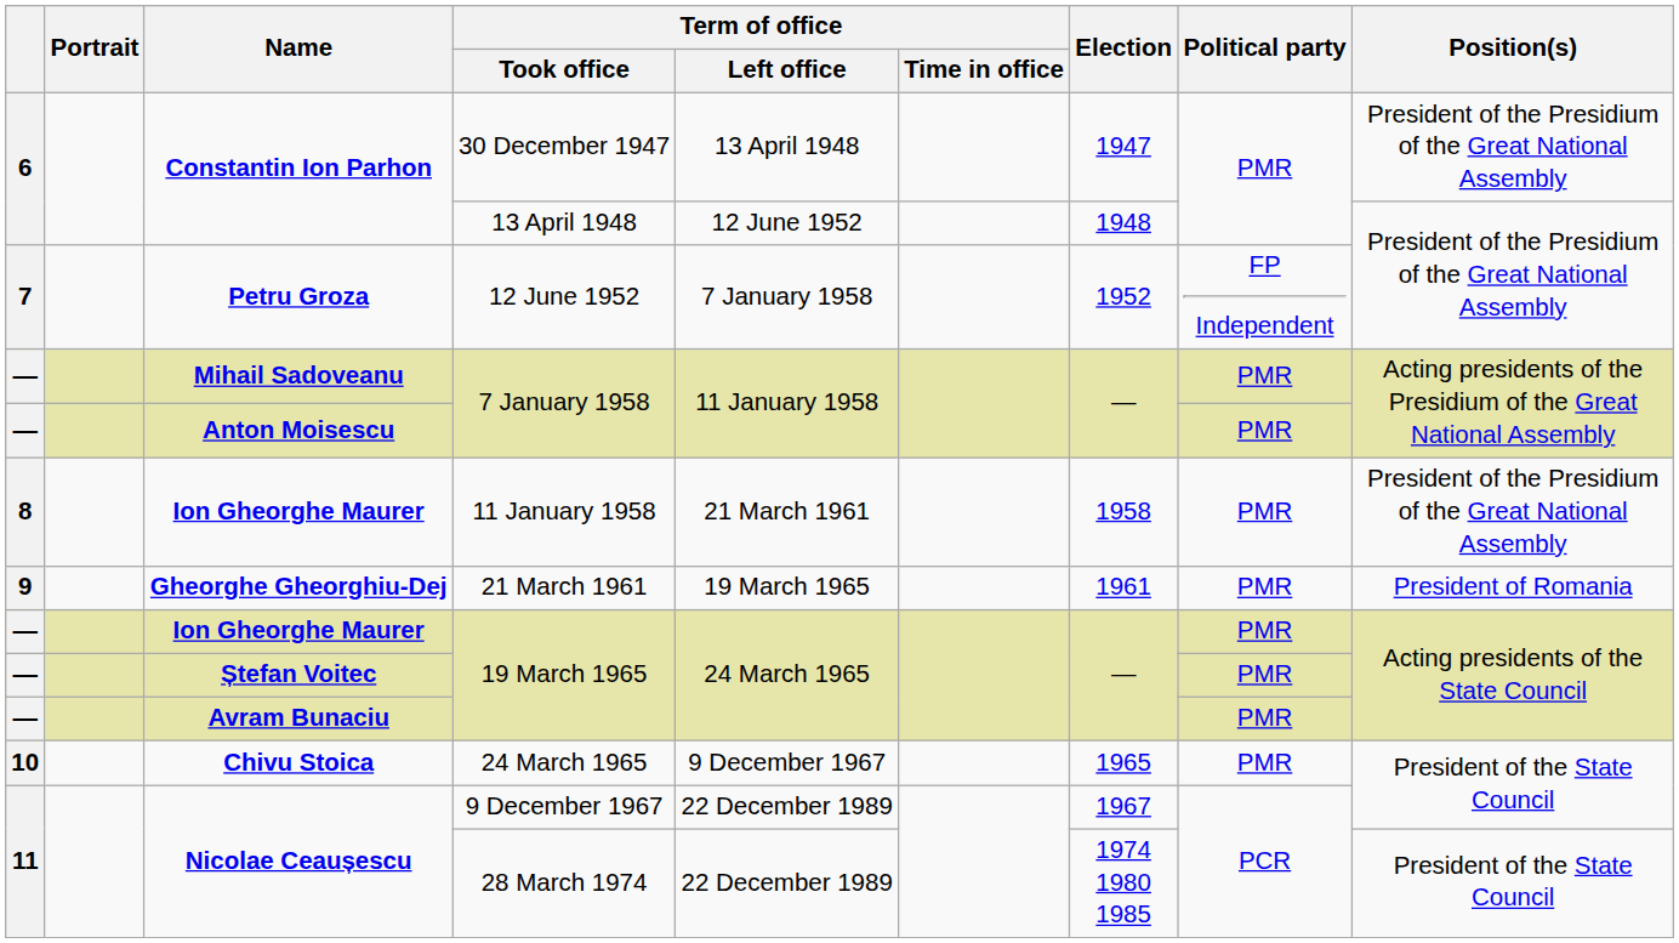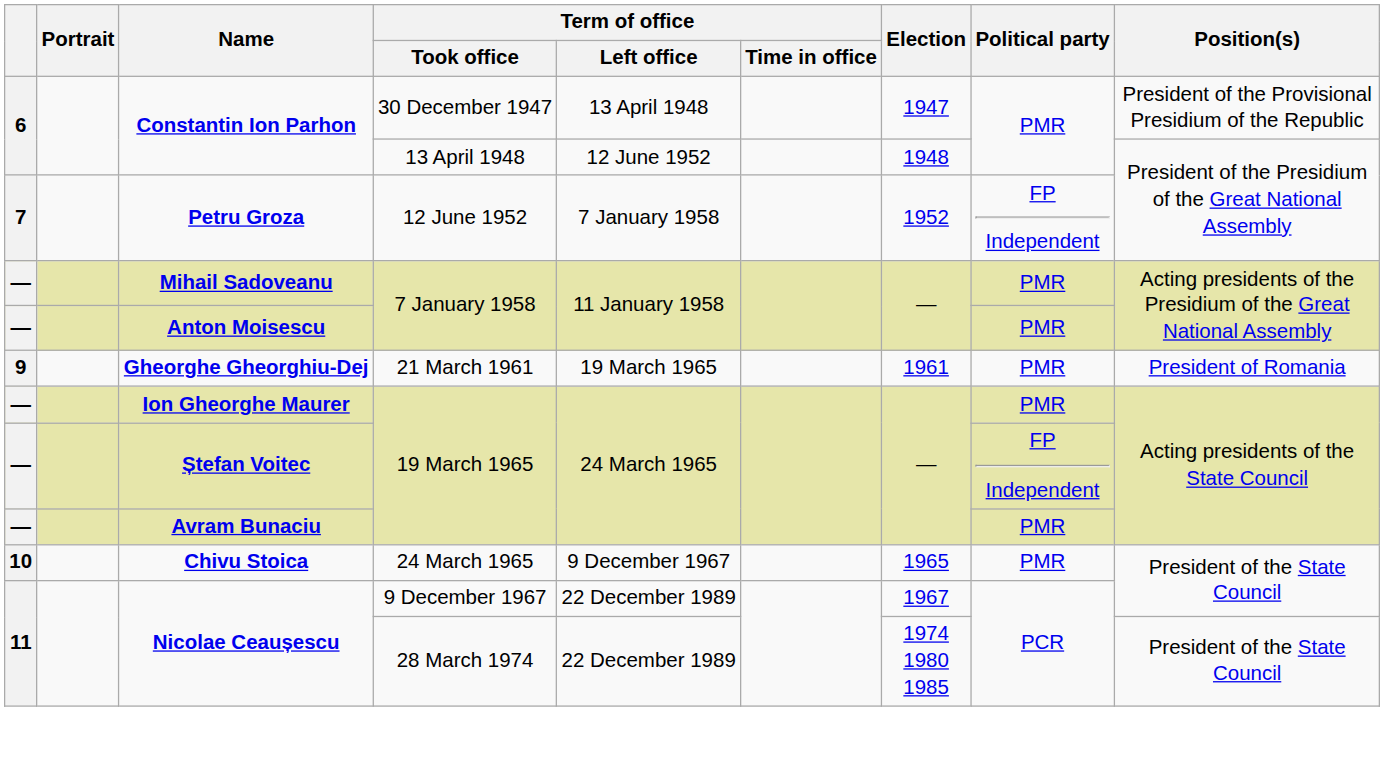 <table class="wikitable" style="text-align:center; line-height:130%;">
 <tr>
 <th rowspan="2"></th>
 <th rowspan="2">Portrait</th>
 <th rowspan="2">Name<br></th>
 <th colspan="3" style="width:10px">Term of office</th>
 <th rowspan="2">Election</th>
 <th rowspan="2">Political party</th>
 <th rowspan="2" style="width:200px">Position(s)</th>
 </tr>
 <tr>
 <th>Took office</th>
 <th>Left office</th>
 <th>Time in office</th>
 </tr>
 <tr>
 <th rowspan=2 style="background:">6</th>
 <td rowspan=2></td>
 <td rowspan=2><strong><a href='#'>Constantin Ion Parhon</a></strong><br></td>
 <td>30 December 1947</td>
 <td>13 April 1948</td>
 <td></td>
 <td><a href='#'>1947</a></td>
 <td rowspan=2><a href='#'>PMR</a></td>
-<td>President of the Presidium of the <a href='#'>Great National Assembly</a></td>
+<td>President of the Provisional Presidium of the Republic</td>
 </tr>
 <tr>
 <td>13 April 1948</td>
 <td>12 June 1952</td>
 <td></td>
 <td><a href='#'>1948</a></td>
 <td rowspan=2>President of the Presidium of the <a href='#'>Great National Assembly</a></td>
 </tr>
 <tr>
 <th style="background:">7</th>
 <td></td>
 <td><strong><a href='#'>Petru Groza</a></strong><br></td>
 <td>12 June 1952</td>
 <td>7 January 1958<br></td>
 <td></td>
 <td><a href='#'>1952</a></td>
 <td><a href='#'>FP</a> <hr><a href='#'>Independent</a> </td>
 </tr>
 <tr style="background:#e6e6aa;">
 <th style="background:">—</th>
 <td></td>
 <td><strong><a href='#'>Mihail Sadoveanu</a></strong><br></td>
 <td rowspan=2>7 January 1958</td>
 <td rowspan=2>11 January 1958</td>
 <td rowspan=2></td>
 <td rowspan=2>—</td>
 <td><a href='#'>PMR</a></td>
 <td rowspan=2>Acting presidents of the Presidium of the <a href='#'>Great National Assembly</a></td>
 </tr>
 <tr style="background:#e6e6aa;">
 <th style="background:">—</th>
 <td></td>
 <td><strong><a href='#'>Anton Moisescu</a></strong><br></td>
 <td><a href='#'>PMR</a></td>
 </tr>
 <tr>
-<th style="background:">8</th>
-<td></td>
-<td><strong><a href='#'>Ion Gheorghe Maurer</a></strong><br></td>
-<td>11 January 1958</td>
-<td>21 March 1961</td>
-<td></td>
-<td><a href='#'>1958</a></td>
-<td><a href='#'>PMR</a></td>
-<td>President of the Presidium of the <a href='#'>Great National Assembly</a></td>
-</tr>
-<tr>
 <th style="background:">9</th>
 <td></td>
 <td><strong><a href='#'>Gheorghe Gheorghiu-Dej</a></strong><br></td>
 <td>21 March 1961</td>
 <td>19 March 1965<br></td>
 <td></td>
 <td><a href='#'>1961</a></td>
 <td><a href='#'>PMR</a></td>
 <td><a href='#'>President of Romania</a></td>
 </tr>
 <tr style="background:#e6e6aa;">
 <th style="background:">—</th>
 <td></td>
 <td><strong><a href='#'>Ion Gheorghe Maurer</a></strong><br></td>
 <td rowspan=3>19 March 1965</td>
 <td rowspan=3>24 March 1965</td>
 <td rowspan=3></td>
 <td rowspan=3>—</td>
 <td><a href='#'>PMR</a></td>
 <td rowspan=3>Acting presidents of the <a href='#'>State Council</a></td>
 </tr>
 <tr style="background:#e6e6aa;">
 <th style="background:">—</th>
 <td></td>
 <td><strong><a href='#'>Ștefan Voitec</a></strong><br></td>
-<td><a href='#'>PMR</a></td>
+<td><a href='#'>FP</a> <hr><a href='#'>Independent</a> </td>
 </tr>
 <tr style="background:#e6e6aa;">
 <th style="background:">—</th>
 <td></td>
 <td><strong><a href='#'>Avram Bunaciu</a></strong><br></td>
 <td><a href='#'>PMR</a></td>
 </tr>
 <tr>
 <th style="background:">10</th>
 <td></td>
 <td><strong><a href='#'>Chivu Stoica</a></strong><br></td>
 <td>24 March 1965</td>
 <td>9 December 1967<br></td>
 <td></td>
 <td><a href='#'>1965</a></td>
 <td><a href='#'>PMR</a></td>
 <td rowspan=2>President of the <a href='#'>State Council</a></td>
 </tr>
 <tr>
 <th rowspan=2 style="background:">11</th>
 <td rowspan=2></td>
 <td rowspan=2><strong><a href='#'>Nicolae Ceaușescu</a></strong><br></td>
 <td>9 December 1967</td>
 <td>22 December 1989</td>
 <td rowspan="2"></td>
 <td><a href='#'>1967</a></td>
 <td rowspan="2"><a href='#'>PCR</a></td>
 </tr>
 <tr>
 <td>28 March 1974</td>
 <td>22 December 1989<br></td>
 <td><a href='#'>1974</a><br><a href='#'>1980</a><br><a href='#'>1985</a></td>
 <td>President of the <a href='#'>State Council</a></td>
 </tr>
 </table>
